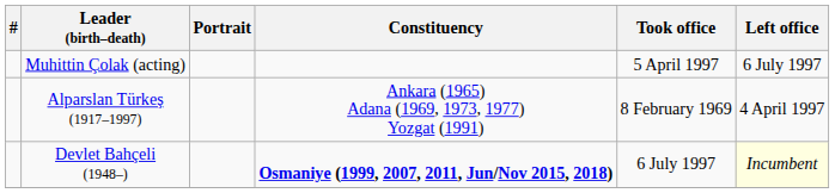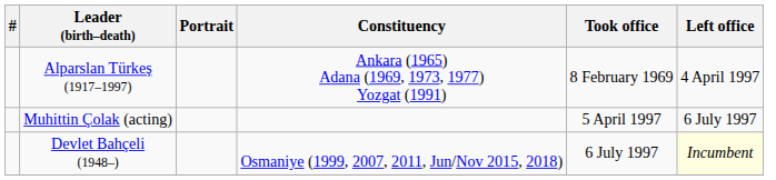 <table class="wikitable" style="text-align:center">
 <tr>
 <th>#</th>
 <th>Leader<br><small>(birth–death)</small></th>
 <th>Portrait</th>
 <th>Constituency</th>
 <th>Took office</th>
 <th>Left office</th>
 </tr>
 <tr>
 <td style="background: "></td>
+<td><a href='#'>Alparslan Türkeş</a><br><small>(1917–1997)</small></td>
+<td></td>
+<td><a href='#'>Ankara</a> (<a href='#'>1965</a>)<br><a href='#'>Adana</a> (<a href='#'>1969</a>, <a href='#'>1973</a>, <a href='#'>1977</a>)<br><a href='#'>Yozgat</a> (<a href='#'>1991</a>)</td>
+<td>8 February 1969</td>
+<td>4 April 1997</td>
+</tr>
+<tr>
+<td style="background: "></td>
 <td><a href='#'>Muhittin Çolak</a> (acting)</td>
 <td></td>
 <td></td>
 <td>5 April 1997</td>
 <td>6 July 1997</td>
 </tr>
 <tr>
 <td style="background: "></td>
-<td><a href='#'>Alparslan Türkeş</a><br><small>(1917–1997)</small></td>
-<td></td>
-<td><a href='#'>Ankara</a> (<a href='#'>1965</a>)<br><a href='#'>Adana</a> (<a href='#'>1969</a>, <a href='#'>1973</a>, <a href='#'>1977</a>)<br><a href='#'>Yozgat</a> (<a href='#'>1991</a>)</td>
-<td>8 February 1969</td>
-<td>4 April 1997</td>
-</tr>
-<tr>
-<td style="background: "></td>
 <td><a href='#'>Devlet Bahçeli</a><br><small>(1948–)</small></td>
 <td></td>
-<td><strong><br><a href='#'>Osmaniye</a> (<a href='#'>1999</a>, <a href='#'>2007</a>, <a href='#'>2011</a>, <a href='#'>Jun</a>/<a href='#'>Nov 2015</a>, <a href='#'>2018</a>)</strong></td>
+<td><br><a href='#'>Osmaniye</a> (<a href='#'>1999</a>, <a href='#'>2007</a>, <a href='#'>2011</a>, <a href='#'>Jun</a>/<a href='#'>Nov 2015</a>, <a href='#'>2018</a>)</td>
 <td>6 July 1997</td>
 <td style="background: lightyellow;"><em>Incumbent</em></td>
 </tr>
 <tr>
 </tr>
 </table>
